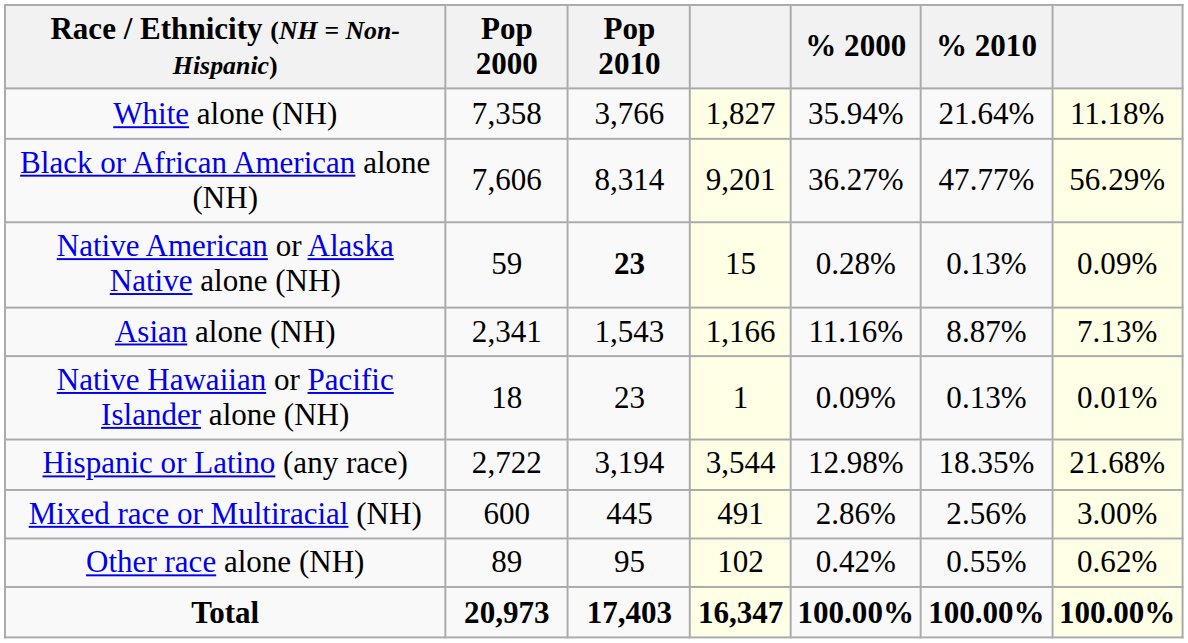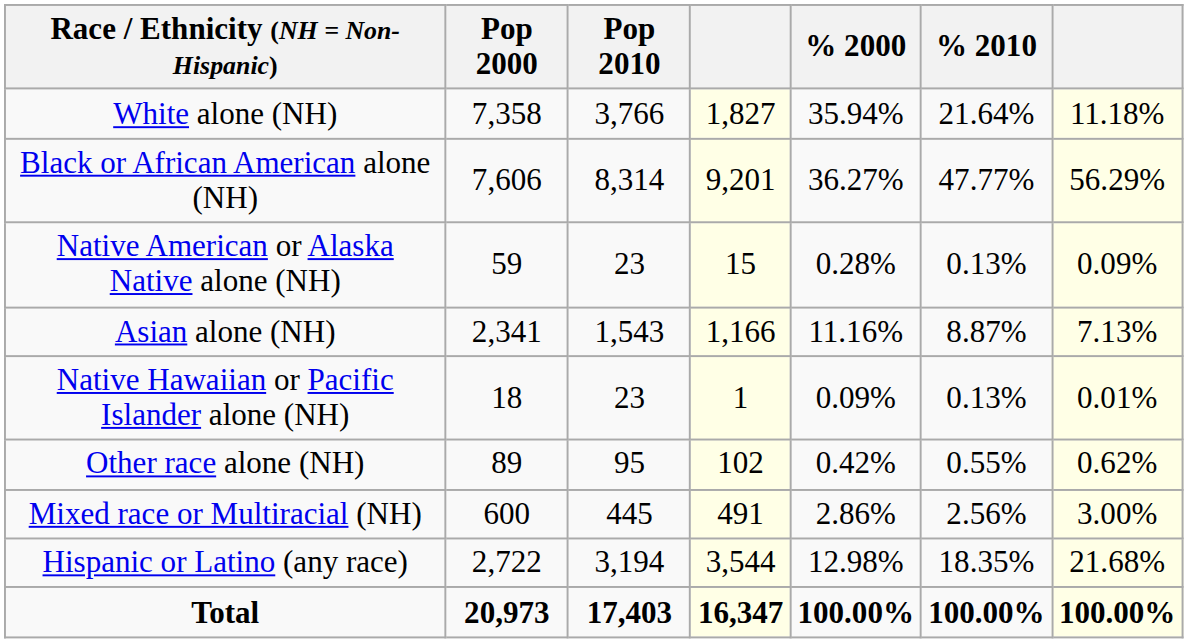 <table class="wikitable" style="text-align:center;">
 <tr>
 <th>Race / Ethnicity <small>(<em>NH = Non-Hispanic</em>)</small></th>
 <th>Pop 2000</th>
 <th>Pop 2010</th>
 <th></th>
 <th>% 2000</th>
 <th>% 2010</th>
 <th></th>
 </tr>
 <tr>
 <td><a href='#'>White</a> alone (NH)</td>
 <td>7,358</td>
 <td>3,766</td>
 <td style='background: #ffffe6;'>1,827</td>
 <td>35.94%</td>
 <td>21.64%</td>
 <td style='background: #ffffe6;'>11.18%</td>
 </tr>
 <tr>
 <td><a href='#'>Black or African American</a> alone (NH)</td>
 <td>7,606</td>
 <td>8,314</td>
 <td style='background: #ffffe6;'>9,201</td>
 <td>36.27%</td>
 <td>47.77%</td>
 <td style='background: #ffffe6;'>56.29%</td>
 </tr>
 <tr>
 <td><a href='#'>Native American</a> or <a href='#'>Alaska Native</a> alone (NH)</td>
 <td>59</td>
-<td><strong>23</strong></td>
+<td>23</td>
 <td style='background: #ffffe6;'>15</td>
 <td>0.28%</td>
 <td>0.13%</td>
 <td style='background: #ffffe6;'>0.09%</td>
 </tr>
 <tr>
 <td><a href='#'>Asian</a> alone (NH)</td>
 <td>2,341</td>
 <td>1,543</td>
 <td style='background: #ffffe6;'>1,166</td>
 <td>11.16%</td>
 <td>8.87%</td>
 <td style='background: #ffffe6;'>7.13%</td>
 </tr>
 <tr>
 <td><a href='#'>Native Hawaiian</a> or <a href='#'>Pacific Islander</a> alone (NH)</td>
 <td>18</td>
 <td>23</td>
 <td style='background: #ffffe6;'>1</td>
 <td>0.09%</td>
 <td>0.13%</td>
 <td style='background: #ffffe6;'>0.01%</td>
 </tr>
 <tr>
-<td><a href='#'>Hispanic or Latino</a> (any race)</td>
-<td>2,722</td>
-<td>3,194</td>
-<td style='background: #ffffe6;'>3,544</td>
-<td>12.98%</td>
-<td>18.35%</td>
-<td style='background: #ffffe6;'>21.68%</td>
+<td><a href='#'>Other race</a> alone (NH)</td>
+<td>89</td>
+<td>95</td>
+<td style='background: #ffffe6;'>102</td>
+<td>0.42%</td>
+<td>0.55%</td>
+<td style='background: #ffffe6;'>0.62%</td>
 </tr>
 <tr>
 <td><a href='#'>Mixed race or Multiracial</a> (NH)</td>
 <td>600</td>
 <td>445</td>
 <td style='background: #ffffe6;'>491</td>
 <td>2.86%</td>
 <td>2.56%</td>
 <td style='background: #ffffe6;'>3.00%</td>
 </tr>
 <tr>
-<td><a href='#'>Other race</a> alone (NH)</td>
-<td>89</td>
-<td>95</td>
-<td style='background: #ffffe6;'>102</td>
-<td>0.42%</td>
-<td>0.55%</td>
-<td style='background: #ffffe6;'>0.62%</td>
+<td><a href='#'>Hispanic or Latino</a> (any race)</td>
+<td>2,722</td>
+<td>3,194</td>
+<td style='background: #ffffe6;'>3,544</td>
+<td>12.98%</td>
+<td>18.35%</td>
+<td style='background: #ffffe6;'>21.68%</td>
 </tr>
 <tr>
 <td><strong>Total</strong></td>
 <td><strong>20,973</strong></td>
 <td><strong>17,403</strong></td>
 <td style='background: #ffffe6;'><strong>16,347</strong></td>
 <td><strong>100.00%</strong></td>
 <td><strong>100.00%</strong></td>
 <td style='background: #ffffe6;'><strong>100.00%</strong></td>
 </tr>
 </table>
